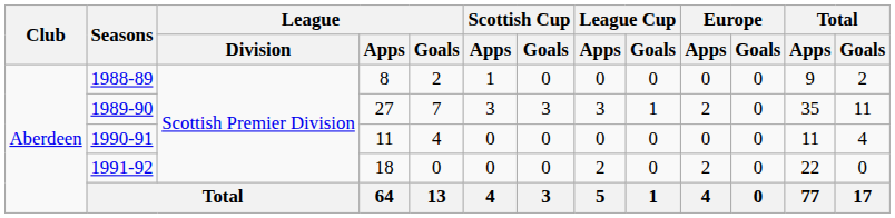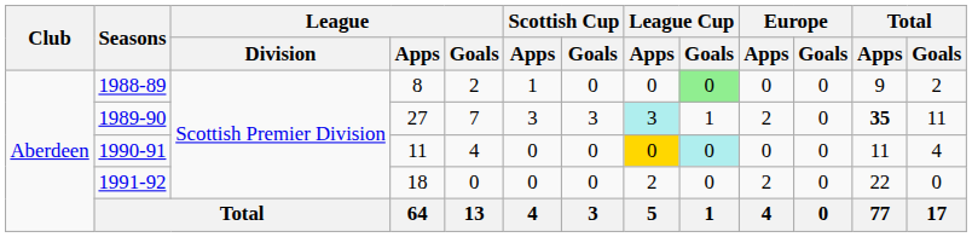 <table class="wikitable" style="text-align:center">
 <tr>
 <th rowspan="2">Club</th>
 <th rowspan="2">Seasons</th>
 <th colspan="3">League</th>
 <th colspan="2">Scottish Cup</th>
 <th colspan="2">League Cup</th>
 <th colspan="2">Europe</th>
 <th colspan="2">Total</th>
 </tr>
 <tr>
 <th>Division</th>
 <th>Apps</th>
 <th>Goals</th>
 <th>Apps</th>
 <th>Goals</th>
 <th>Apps</th>
 <th>Goals</th>
 <th>Apps</th>
 <th>Goals</th>
 <th>Apps</th>
 <th>Goals</th>
 </tr>
 <tr>
 <td rowspan="5"><a href='#'>Aberdeen</a></td>
 <td><a href='#'>1988-89</a></td>
 <td rowspan="4"><a href='#'>Scottish Premier Division</a></td>
 <td>8</td>
 <td>2</td>
 <td>1</td>
 <td>0</td>
 <td>0</td>
-<td>0</td>
+<td style="background: lightgreen;">0</td>
 <td>0</td>
 <td>0</td>
 <td>9</td>
 <td>2</td>
 </tr>
 <tr>
 <td><a href='#'>1989-90</a></td>
 <td>27</td>
 <td>7</td>
 <td>3</td>
 <td>3</td>
-<td>3</td>
+<td style="background: paleturquoise;">3</td>
 <td>1</td>
 <td>2</td>
 <td>0</td>
-<td>35</td>
+<td><strong>35</strong></td>
 <td>11</td>
 </tr>
 <tr>
 <td><a href='#'>1990-91</a></td>
 <td>11</td>
 <td>4</td>
 <td>0</td>
 <td>0</td>
-<td>0</td>
-<td>0</td>
+<td style="background: gold;">0</td>
+<td style="background: paleturquoise;">0</td>
 <td>0</td>
 <td>0</td>
 <td>11</td>
 <td>4</td>
 </tr>
 <tr>
 <td><a href='#'>1991-92</a></td>
 <td>18</td>
 <td>0</td>
 <td>0</td>
 <td>0</td>
 <td>2</td>
 <td>0</td>
 <td>2</td>
 <td>0</td>
 <td>22</td>
 <td>0</td>
 </tr>
 <tr>
 <th colspan="2">Total</th>
 <th>64</th>
 <th>13</th>
 <th>4</th>
 <th>3</th>
 <th>5</th>
 <th>1</th>
 <th>4</th>
 <th>0</th>
 <th>77</th>
 <th>17</th>
 </tr>
 </table>
